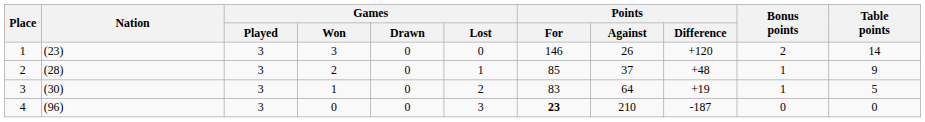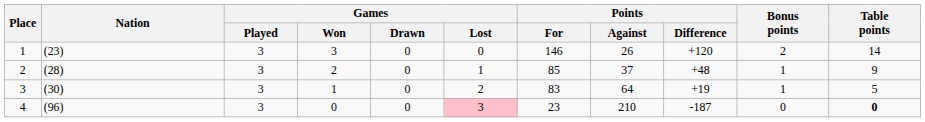 <table class="wikitable" width="98%">
 <tr>
 <th rowspan=2 width="4%">Place</th>
 <th rowspan=2 width="20%">Nation</th>
 <th colspan=4 width="32%">Games</th>
 <th colspan=3 width="24%">Points</th>
 <th rowspan=2 width="10%">Bonus<br>points</th>
 <th rowspan=2 width="10%">Table<br>points</th>
 </tr>
 <tr>
 <th width="8%">Played</th>
 <th width="8%">Won</th>
 <th width="8%">Drawn</th>
 <th width="8%">Lost</th>
 <th width="8%">For</th>
 <th width="8%">Against</th>
 <th width="8%">Difference</th>
 </tr>
 <tr align=center>
 <td>1</td>
 <td align=left> (23)</td>
 <td>3</td>
 <td>3</td>
 <td>0</td>
 <td>0</td>
 <td>146</td>
 <td>26</td>
 <td>+120</td>
 <td>2</td>
 <td>14</td>
 </tr>
 <tr align=center>
 <td>2</td>
 <td align=left> (28)</td>
 <td>3</td>
 <td>2</td>
 <td>0</td>
 <td>1</td>
 <td>85</td>
 <td>37</td>
 <td>+48</td>
 <td>1</td>
 <td>9</td>
 </tr>
 <tr align=center>
 <td>3</td>
 <td align=left> (30)</td>
 <td>3</td>
 <td>1</td>
 <td>0</td>
 <td>2</td>
 <td>83</td>
 <td>64</td>
 <td>+19</td>
 <td>1</td>
 <td>5</td>
 </tr>
 <tr align=center>
 <td>4</td>
 <td align=left> (96)</td>
 <td>3</td>
 <td>0</td>
 <td>0</td>
-<td>3</td>
-<td><strong>23</strong></td>
+<td style="background: pink;">3</td>
+<td>23</td>
 <td>210</td>
 <td>-187</td>
 <td>0</td>
-<td>0</td>
+<td><strong>0</strong></td>
 </tr>
 </table>
